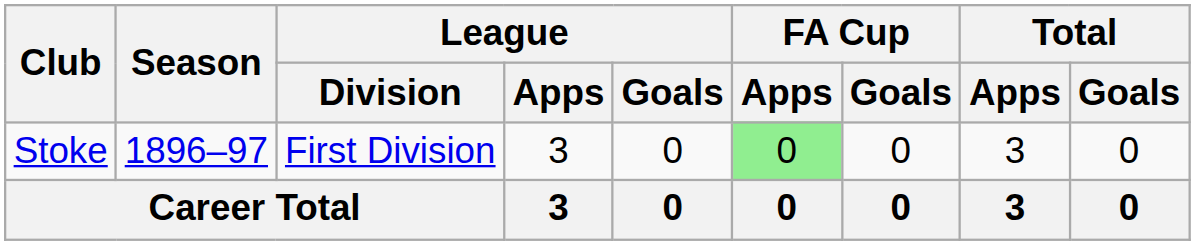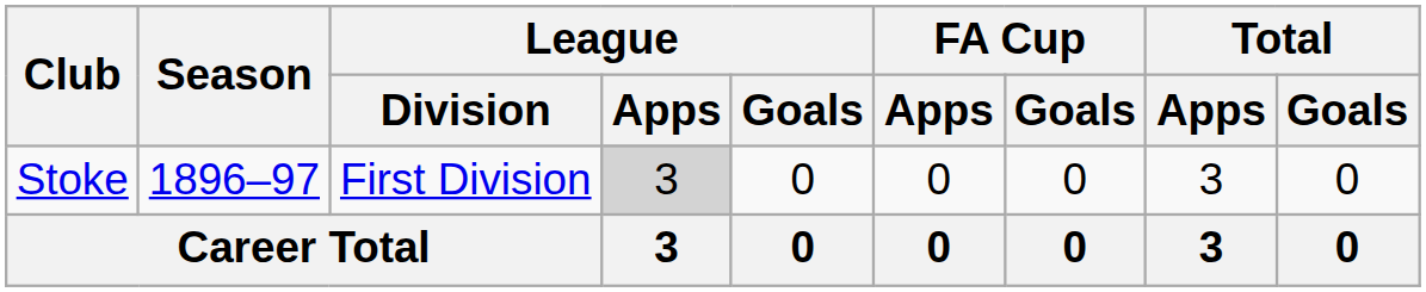 <table class="wikitable" style="text-align: center;">
 <tr>
 <th rowspan="2">Club</th>
 <th rowspan="2">Season</th>
 <th colspan="3">League</th>
 <th colspan="2">FA Cup</th>
 <th colspan="2">Total</th>
 </tr>
 <tr>
 <th>Division</th>
 <th>Apps</th>
 <th>Goals</th>
 <th>Apps</th>
 <th>Goals</th>
 <th>Apps</th>
 <th>Goals</th>
 </tr>
 <tr>
 <td><a href='#'>Stoke</a></td>
 <td><a href='#'>1896–97</a></td>
 <td><a href='#'>First Division</a></td>
-<td>3</td>
+<td style="background: lightgrey;">3</td>
 <td>0</td>
-<td style="background: lightgreen;">0</td>
+<td>0</td>
 <td>0</td>
 <td>3</td>
 <td>0</td>
 </tr>
 <tr>
 <th colspan="3">Career Total</th>
 <th>3</th>
 <th>0</th>
 <th>0</th>
 <th>0</th>
 <th>3</th>
 <th>0</th>
 </tr>
 </table>
